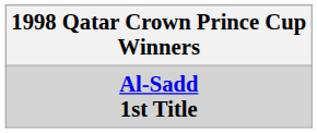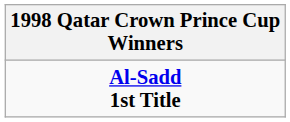 <table class="wikitable" style="text-align: center; margin: 0 auto;">
 <tr>
 <th>1998 Qatar Crown Prince Cup <br> Winners</th>
 </tr>
 <tr>
-<td style="background: lightgrey;"><strong><a href='#'>Al-Sadd</a></strong><br><strong>1st Title</strong></td>
+<td><strong><a href='#'>Al-Sadd</a></strong><br><strong>1st Title</strong></td>
 </tr>
 </table>
